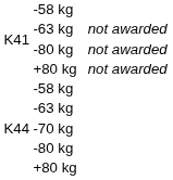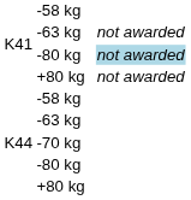 <table>
 <tr>
 <td rowspan="5">K41</td>
 <td rowspan="2">-58 kg</td>
 <td rowspan="2"></td>
 <td rowspan="2"></td>
 <td></td>
 </tr>
 <tr>
 <td></td>
 </tr>
 <tr>
 <td>-63 kg</td>
 <td></td>
 <td></td>
 <td><em>not awarded</em></td>
 </tr>
 <tr>
 <td>-80 kg</td>
 <td></td>
 <td></td>
-<td><em>not awarded</em></td>
+<td style="background: lightblue;"><em>not awarded</em></td>
 </tr>
 <tr>
 <td>+80 kg</td>
 <td></td>
 <td></td>
 <td><em>not awarded</em></td>
 </tr>
 <tr>
 <td rowspan="11">K44</td>
 <td rowspan="2">-58 kg</td>
 <td rowspan="2"></td>
 <td rowspan="2"></td>
 <td></td>
 </tr>
 <tr>
 <td></td>
 </tr>
 <tr>
 <td rowspan="2">-63 kg</td>
 <td rowspan="2"></td>
 <td rowspan="2"></td>
 <td></td>
 </tr>
 <tr>
 <td></td>
 </tr>
 <tr>
 <td rowspan="2">-70 kg</td>
 <td rowspan="2"></td>
 <td rowspan="2"></td>
 <td></td>
 </tr>
 <tr>
 <td></td>
 </tr>
 <tr>
 <td rowspan="2">-80 kg</td>
 <td rowspan="2"></td>
 <td rowspan="2"></td>
 <td></td>
 </tr>
 <tr>
 <td></td>
 </tr>
 <tr>
 <td rowspan="2">+80 kg</td>
 <td rowspan="2"></td>
 <td rowspan="2"></td>
 <td></td>
 </tr>
 <tr>
 <td></td>
 </tr>
 </table>
